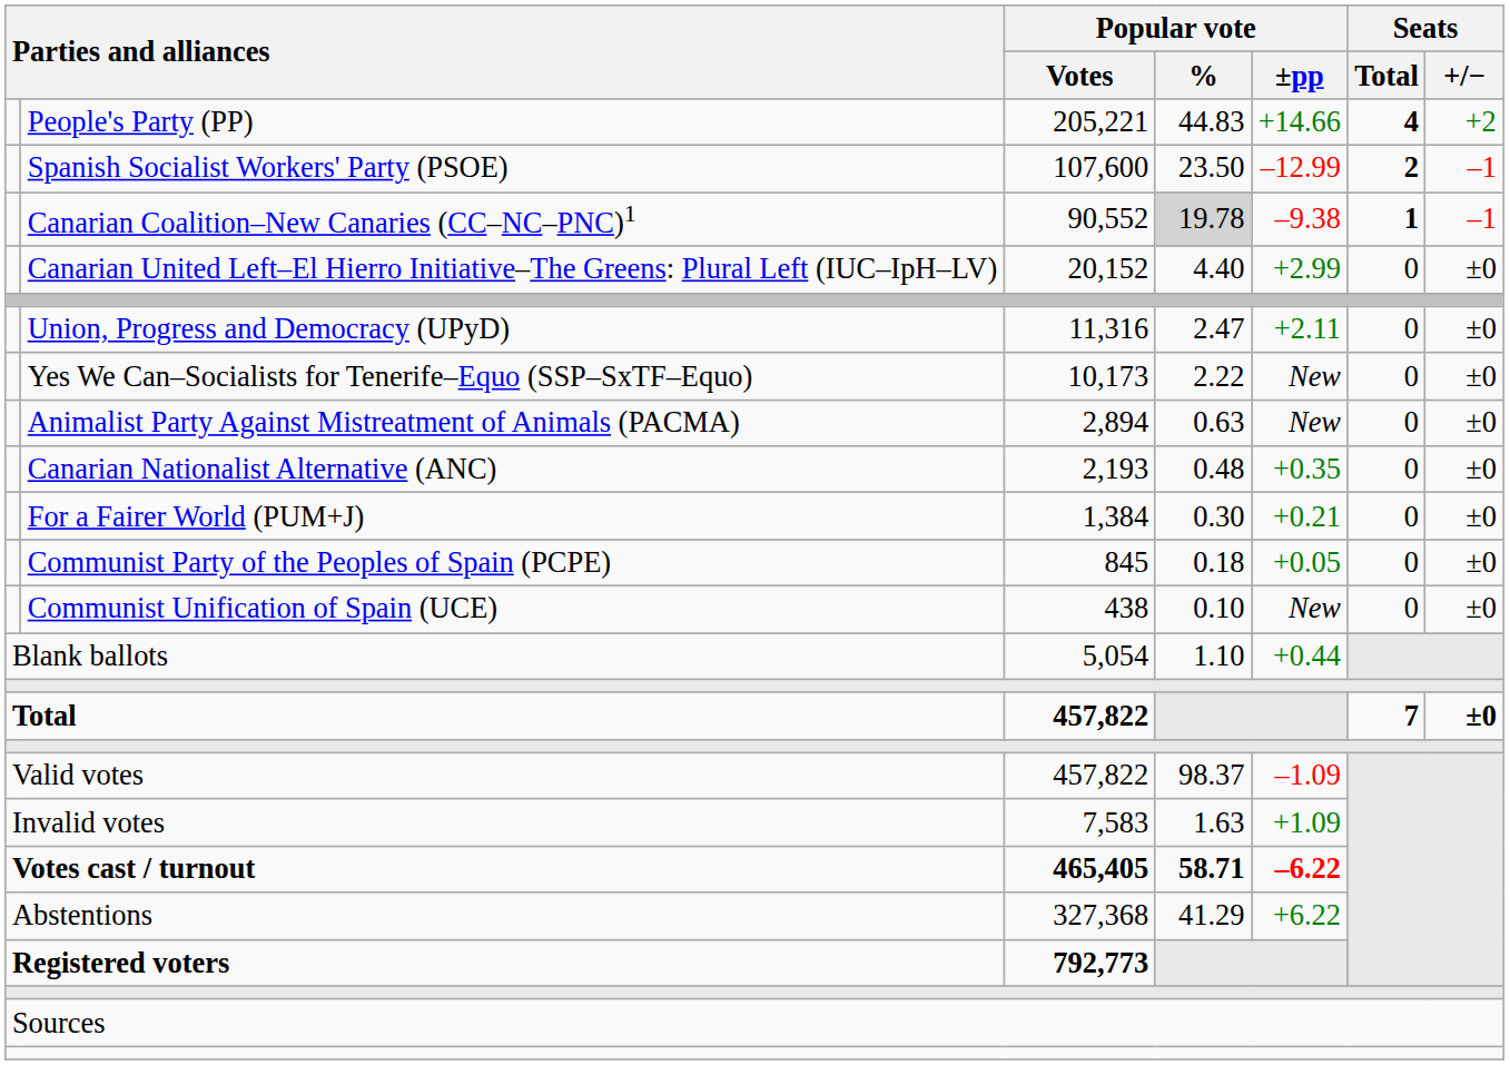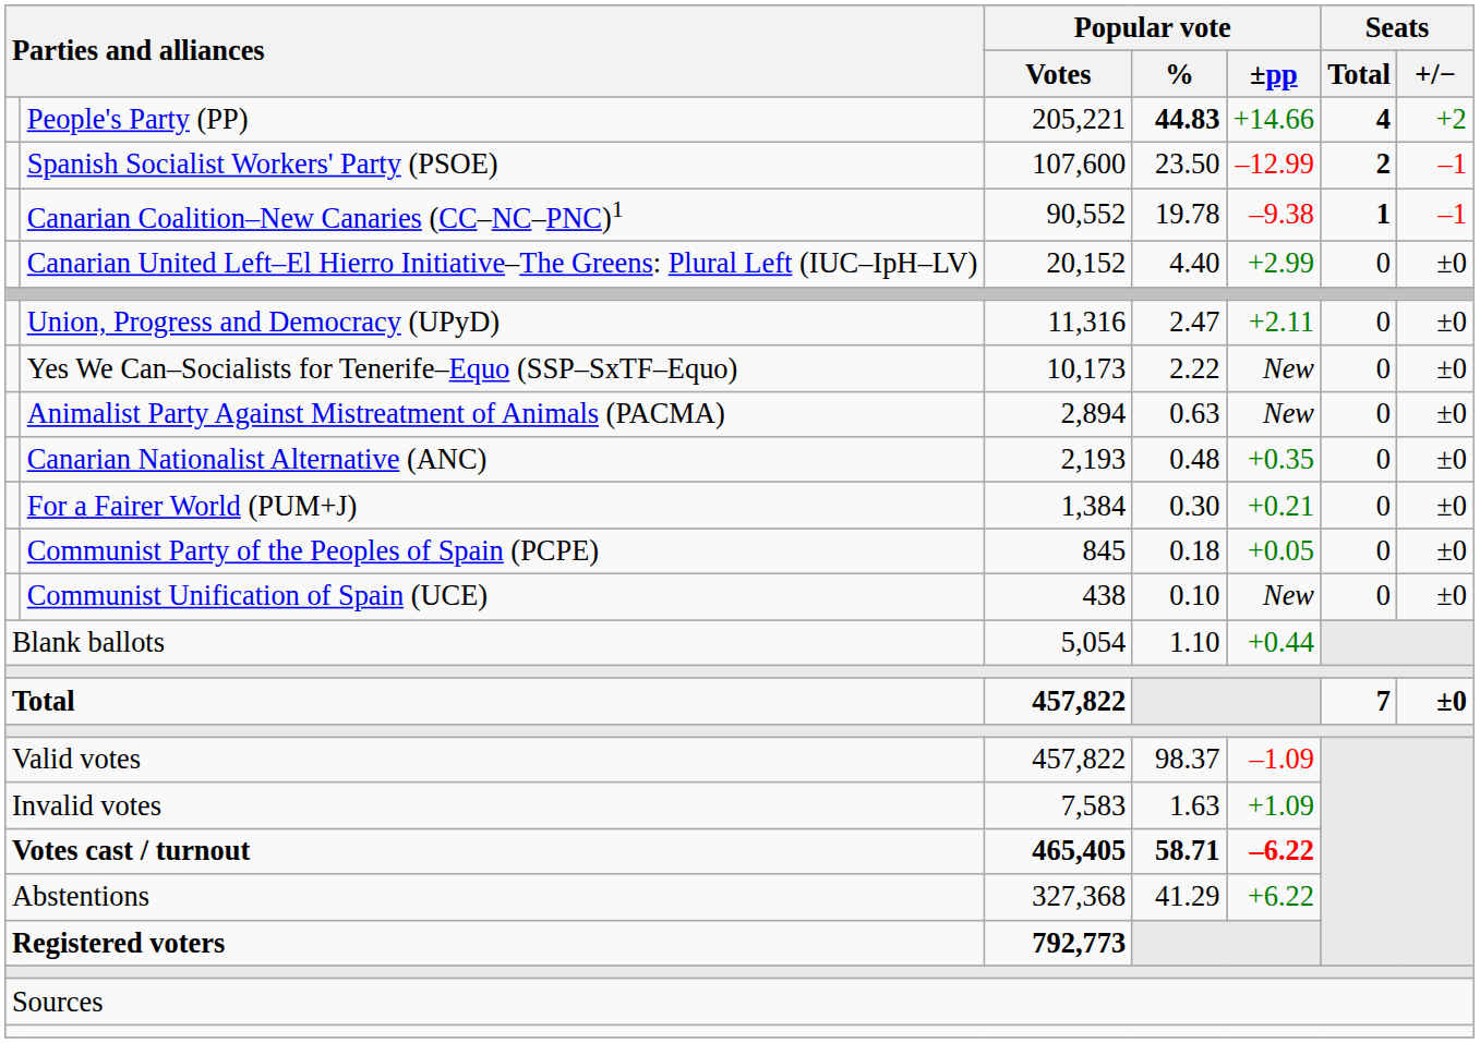 <table class="wikitable" style="text-align:right;">
 <tr>
 <th style="text-align:left;" rowspan="2" colspan="2" width="525">Parties and alliances</th>
 <th colspan="3">Popular vote</th>
 <th colspan="2">Seats</th>
 </tr>
 <tr>
 <th width="75">Votes</th>
 <th width="45">%</th>
 <th width="45">±<a href='#'>pp</a></th>
 <th width="35">Total</th>
 <th width="35">+/−</th>
 </tr>
 <tr>
 <td width="1" style="color:inherit;background:"></td>
 <td align="left"><a href='#'>People's Party</a> (PP)</td>
 <td>205,221</td>
-<td>44.83</td>
+<td><strong>44.83</strong></td>
 <td style="color:green;">+14.66</td>
 <td><strong>4</strong></td>
 <td style="color:green;">+2</td>
 </tr>
 <tr>
 <td style="color:inherit;background:"></td>
 <td align="left"><a href='#'>Spanish Socialist Workers' Party</a> (PSOE)</td>
 <td>107,600</td>
 <td>23.50</td>
 <td style="color:red;">–12.99</td>
 <td><strong>2</strong></td>
 <td style="color:red;">–1</td>
 </tr>
 <tr>
 <td style="color:inherit;background:"></td>
 <td align="left"><a href='#'>Canarian Coalition–New Canaries</a> (<a href='#'>CC</a>–<a href='#'>NC</a>–<a href='#'>PNC</a>)<sup>1</sup></td>
 <td>90,552</td>
-<td style="background: lightgrey;">19.78</td>
+<td>19.78</td>
 <td style="color:red;">–9.38</td>
 <td><strong>1</strong></td>
 <td style="color:red;">–1</td>
 </tr>
 <tr>
 <td style="color:inherit;background:"></td>
 <td align="left"><a href='#'>Canarian United Left–El Hierro Initiative</a>–<a href='#'>The Greens</a>: <a href='#'>Plural Left</a> (IUC–IpH–LV)</td>
 <td>20,152</td>
 <td>4.40</td>
 <td style="color:green;">+2.99</td>
 <td>0</td>
 <td>±0</td>
 </tr>
 <tr>
 <td colspan="7" bgcolor="#C0C0C0"></td>
 </tr>
 <tr>
 <td style="color:inherit;background:"></td>
 <td align="left"><a href='#'>Union, Progress and Democracy</a> (UPyD)</td>
 <td>11,316</td>
 <td>2.47</td>
 <td style="color:green;">+2.11</td>
 <td>0</td>
 <td>±0</td>
 </tr>
 <tr>
 <td style="color:inherit;background:"></td>
 <td align="left">Yes We Can–Socialists for Tenerife–<a href='#'>Equo</a> (SSP–SxTF–Equo)</td>
 <td>10,173</td>
 <td>2.22</td>
 <td><em>New</em></td>
 <td>0</td>
 <td>±0</td>
 </tr>
 <tr>
 <td style="color:inherit;background:"></td>
 <td align="left"><a href='#'>Animalist Party Against Mistreatment of Animals</a> (PACMA)</td>
 <td>2,894</td>
 <td>0.63</td>
 <td><em>New</em></td>
 <td>0</td>
 <td>±0</td>
 </tr>
 <tr>
 <td style="color:inherit;background:"></td>
 <td align="left"><a href='#'>Canarian Nationalist Alternative</a> (ANC)</td>
 <td>2,193</td>
 <td>0.48</td>
 <td style="color:green;">+0.35</td>
 <td>0</td>
 <td>±0</td>
 </tr>
 <tr>
 <td style="color:inherit;background:"></td>
 <td align="left"><a href='#'>For a Fairer World</a> (PUM+J)</td>
 <td>1,384</td>
 <td>0.30</td>
 <td style="color:green;">+0.21</td>
 <td>0</td>
 <td>±0</td>
 </tr>
 <tr>
 <td style="color:inherit;background:"></td>
 <td align="left"><a href='#'>Communist Party of the Peoples of Spain</a> (PCPE)</td>
 <td>845</td>
 <td>0.18</td>
 <td style="color:green;">+0.05</td>
 <td>0</td>
 <td>±0</td>
 </tr>
 <tr>
 <td style="color:inherit;background:"></td>
 <td align="left"><a href='#'>Communist Unification of Spain</a> (UCE)</td>
 <td>438</td>
 <td>0.10</td>
 <td><em>New</em></td>
 <td>0</td>
 <td>±0</td>
 </tr>
 <tr>
 <td align="left" colspan="2">Blank ballots</td>
 <td>5,054</td>
 <td>1.10</td>
 <td style="color:green;">+0.44</td>
 <td bgcolor="#E9E9E9" colspan="2"></td>
 </tr>
 <tr>
 <td colspan="7" bgcolor="#E9E9E9"></td>
 </tr>
 <tr style="font-weight:bold;">
 <td align="left" colspan="2">Total</td>
 <td>457,822</td>
 <td bgcolor="#E9E9E9" colspan="2"></td>
 <td>7</td>
 <td>±0</td>
 </tr>
 <tr>
 <td colspan="7" bgcolor="#E9E9E9"></td>
 </tr>
 <tr>
 <td align="left" colspan="2">Valid votes</td>
 <td>457,822</td>
 <td>98.37</td>
 <td style="color:red;">–1.09</td>
 <td bgcolor="#E9E9E9" colspan="2" rowspan="5"></td>
 </tr>
 <tr>
 <td align="left" colspan="2">Invalid votes</td>
 <td>7,583</td>
 <td>1.63</td>
 <td style="color:green;">+1.09</td>
 </tr>
 <tr style="font-weight:bold;">
 <td align="left" colspan="2">Votes cast / turnout</td>
 <td>465,405</td>
 <td>58.71</td>
 <td style="color:red;">–6.22</td>
 </tr>
 <tr>
 <td align="left" colspan="2">Abstentions</td>
 <td>327,368</td>
 <td>41.29</td>
 <td style="color:green;">+6.22</td>
 </tr>
 <tr style="font-weight:bold;">
 <td align="left" colspan="2">Registered voters</td>
 <td>792,773</td>
 <td bgcolor="#E9E9E9" colspan="2"></td>
 </tr>
 <tr>
 <td colspan="7" bgcolor="#E9E9E9"></td>
 </tr>
 <tr>
 <td align="left" colspan="7">Sources</td>
 </tr>
 <tr>
 <td colspan="7" style="text-align:left; max-width:790px;"></td>
 </tr>
 </table>
